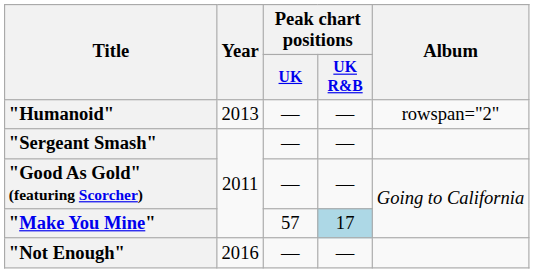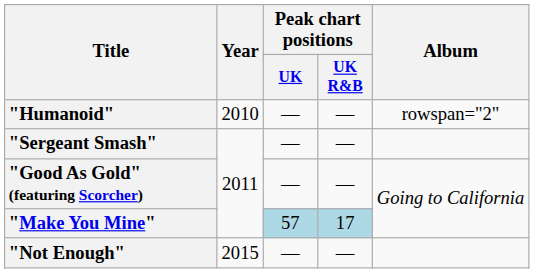 <table class="wikitable plainrowheaders" style="text-align:center;">
 <tr>
 <th scope="col" rowspan="2" style="width:11em;">Title</th>
 <th scope="col" rowspan="2">Year</th>
 <th scope="col" colspan="2">Peak chart positions</th>
 <th scope="col" rowspan="2">Album</th>
 </tr>
 <tr>
 <th scope="col" style="width:3em;font-size:85%;"><a href='#'>UK</a><br></th>
 <th scope="col" style="width:3em;font-size:85%;"><a href='#'>UK<br>R&B</a></th>
 </tr>
 <tr>
 <th scope="row" style="text-align:left;">"Humanoid"</th>
-<td>2013</td>
+<td>2010</td>
 <td>—</td>
 <td>—</td>
 <td>rowspan="2" </td>
 </tr>
 <tr>
 <th scope="row" style="text-align:left;">"Sergeant Smash"</th>
 <td rowspan="3">2011</td>
 <td>—</td>
 <td>—</td>
 </tr>
 <tr>
 <th scope="row" style="text-align:left;">"Good As Gold" <br><small>(featuring <a href='#'>Scorcher</a>)</small></th>
 <td>—</td>
 <td>—</td>
 <td rowspan="2"><em>Going to California</em></td>
 </tr>
 <tr>
 <th scope="row" style="text-align:left;">"<a href='#'>Make You Mine</a>"</th>
-<td>57</td>
+<td style="background: lightblue;">57</td>
 <td style="background: lightblue;">17</td>
 </tr>
 <tr>
 <th scope="row" style="text-align:left;">"Not Enough"</th>
-<td>2016</td>
+<td>2015</td>
 <td>—</td>
 <td>—</td>
 <td></td>
 </tr>
 </table>
